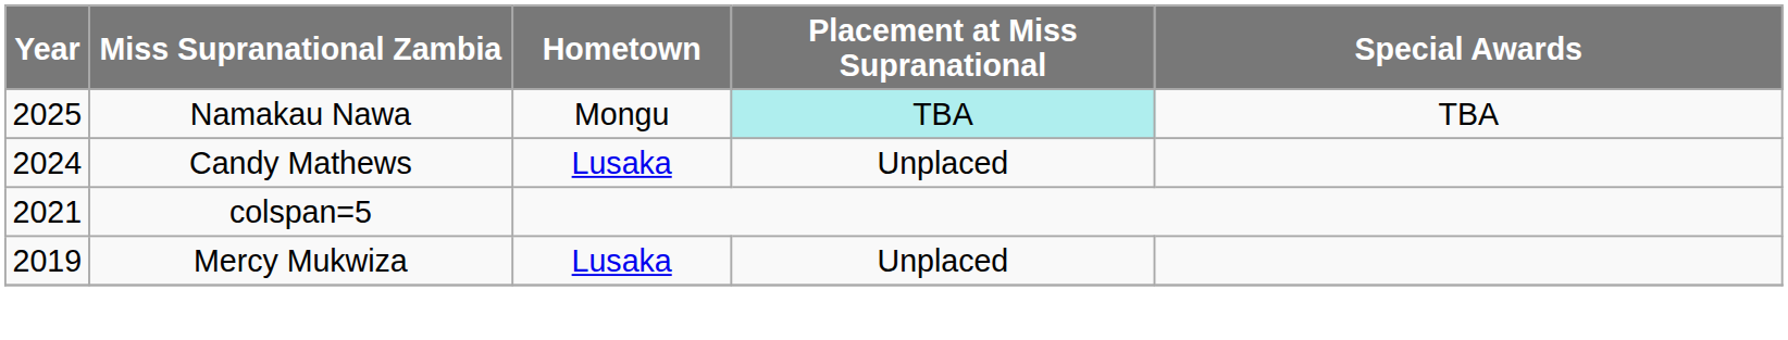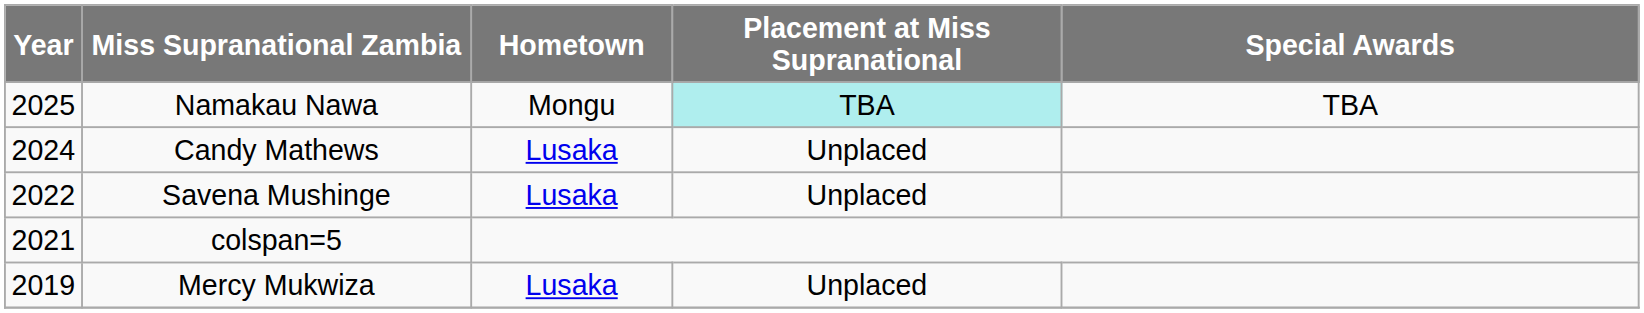 <table class="wikitable sortable" style="font-size: 95%; text-align:center">
 <tr>
 <th width="30" style="background-color:#787878;color:#FFFFFF;">Year</th>
 <th width="200" style="background-color:#787878;color:#FFFFFF;">Miss Supranational Zambia</th>
 <th width="100" style="background-color:#787878;color:#FFFFFF;">Hometown</th>
 <th width="200" style="background-color:#787878;color:#FFFFFF;">Placement at Miss Supranational</th>
 <th width="300" style="background-color:#787878;color:#FFFFFF;">Special Awards</th>
 </tr>
 <tr>
 <td>2025</td>
 <td>Namakau Nawa</td>
 <td>Mongu</td>
 <td style="background: paleturquoise;">TBA</td>
 <td>TBA</td>
 </tr>
 <tr>
 <td>2024</td>
 <td>Candy Mathews</td>
 <td><a href='#'>Lusaka</a></td>
 <td>Unplaced</td>
 <td></td>
 </tr>
 <tr>
+<td>2022</td>
+<td>Savena Mushinge</td>
+<td><a href='#'>Lusaka</a></td>
+<td>Unplaced</td>
+<td></td>
+</tr>
+<tr>
 <td>2021</td>
 <td>colspan=5 </td>
 </tr>
 <tr>
 <td>2019</td>
 <td>Mercy Mukwiza</td>
 <td><a href='#'>Lusaka</a></td>
 <td>Unplaced</td>
 <td></td>
 </tr>
 <tr>
 </tr>
 </table>
